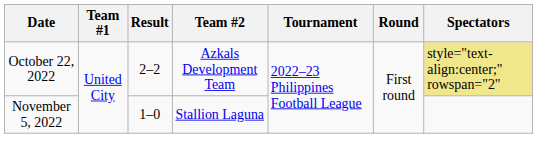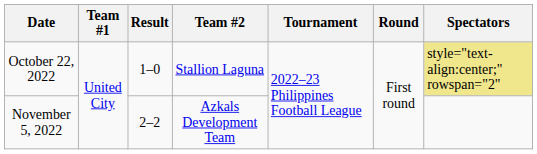 <table class="wikitable">
 <tr>
 <th scope="col">Date</th>
 <th scope="col">Team #1</th>
 <th scope="col">Result</th>
 <th scope="col">Team #2</th>
 <th scope="col">Tournament</th>
 <th scope="col">Round</th>
 <th scope="col">Spectators</th>
 </tr>
 <tr>
 <td style="text-align:center;">October 22, 2022</td>
 <td rowspan="2" style="text-align:center;"><a href='#'>United City</a></td>
-<td style="text-align:center;">2–2</td>
-<td style="text-align:center;"><a href='#'>Azkals Development Team</a></td>
+<td style="text-align:center;">1–0</td>
+<td style="text-align:center;"><a href='#'>Stallion Laguna</a></td>
 <td rowspan="2"><a href='#'>2022–23 Philippines Football League</a></td>
 <td rowspan="2" style="text-align:center;">First round</td>
 <td style="background: khaki;">style="text-align:center;" rowspan="2" </td>
 </tr>
 <tr>
 <td style="text-align:center;">November 5, 2022</td>
-<td style="text-align:center;">1–0</td>
-<td style="text-align:center;"><a href='#'>Stallion Laguna</a></td>
+<td style="text-align:center;">2–2</td>
+<td style="text-align:center;"><a href='#'>Azkals Development Team</a></td>
 </tr>
 </table>
